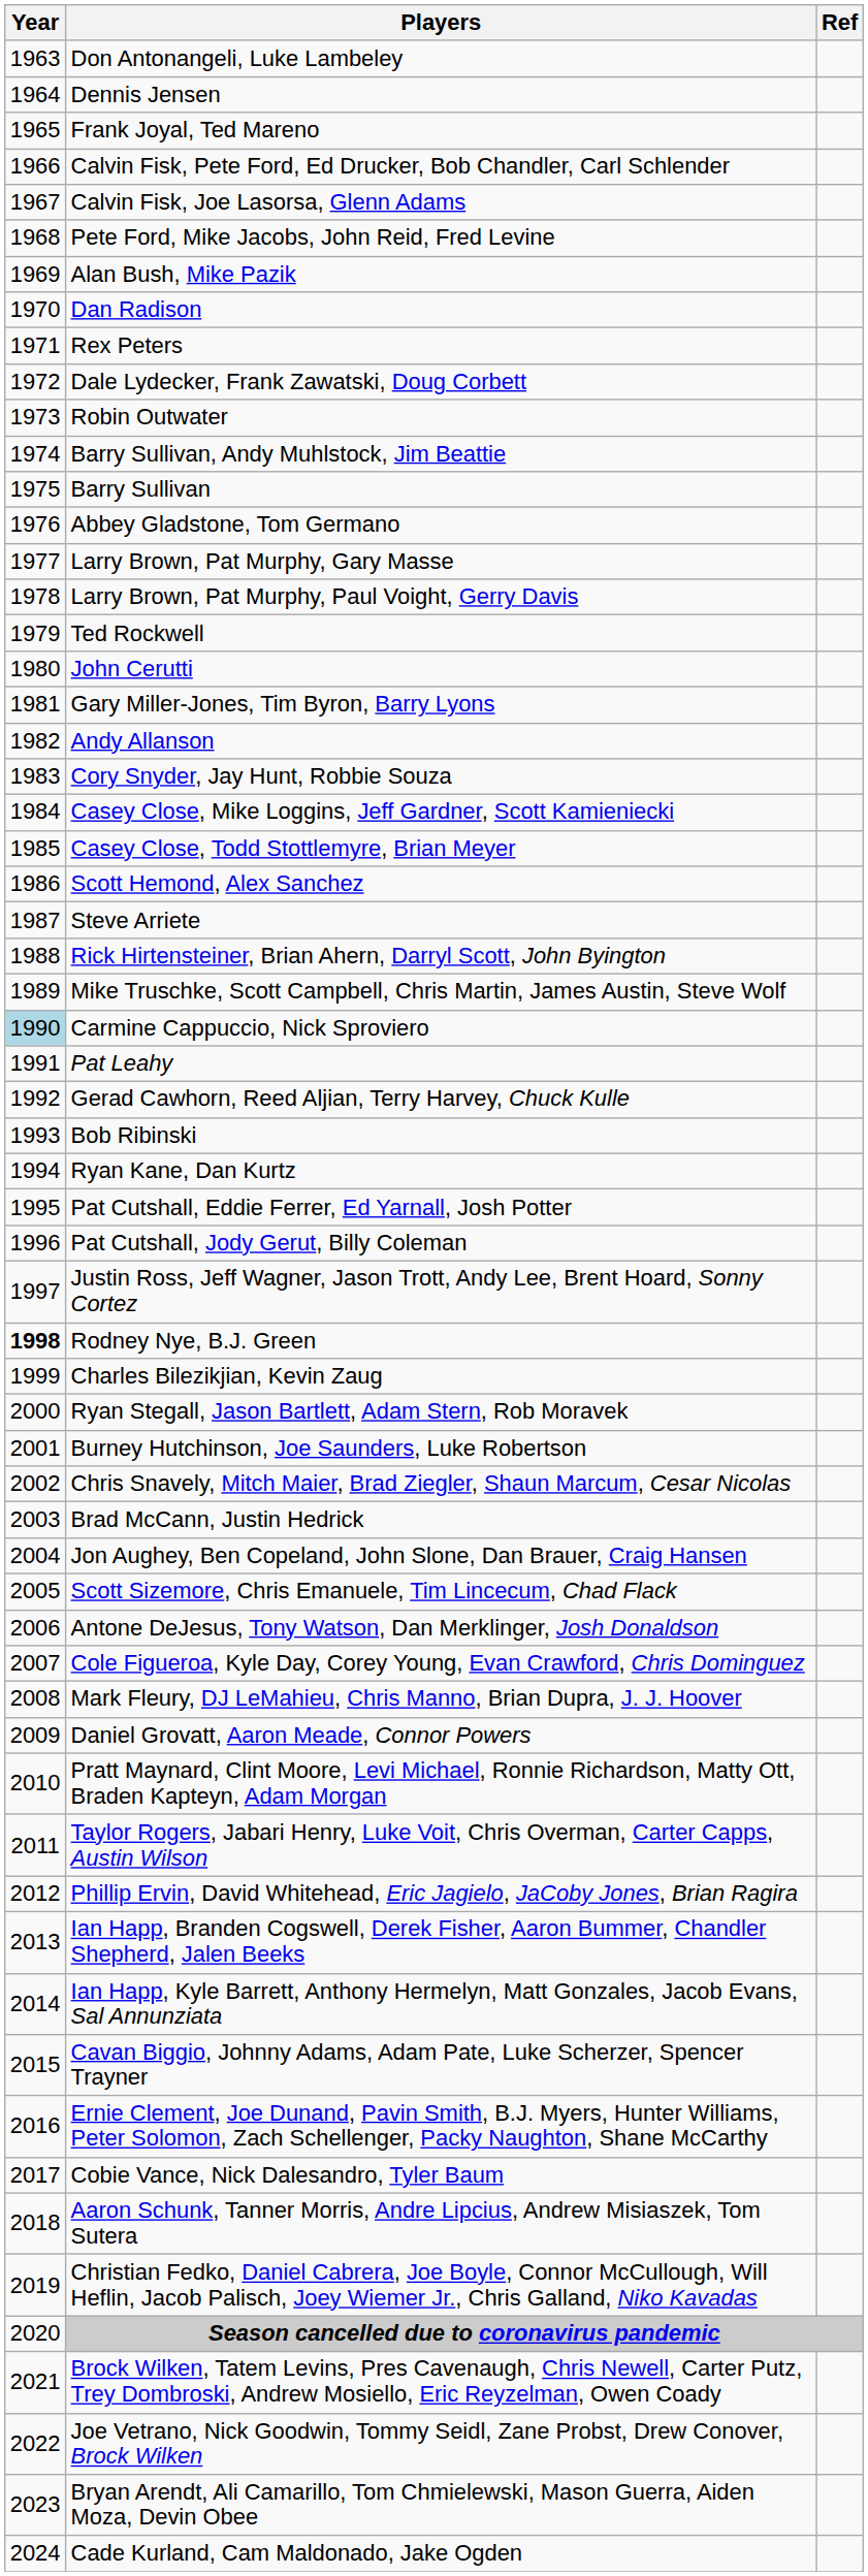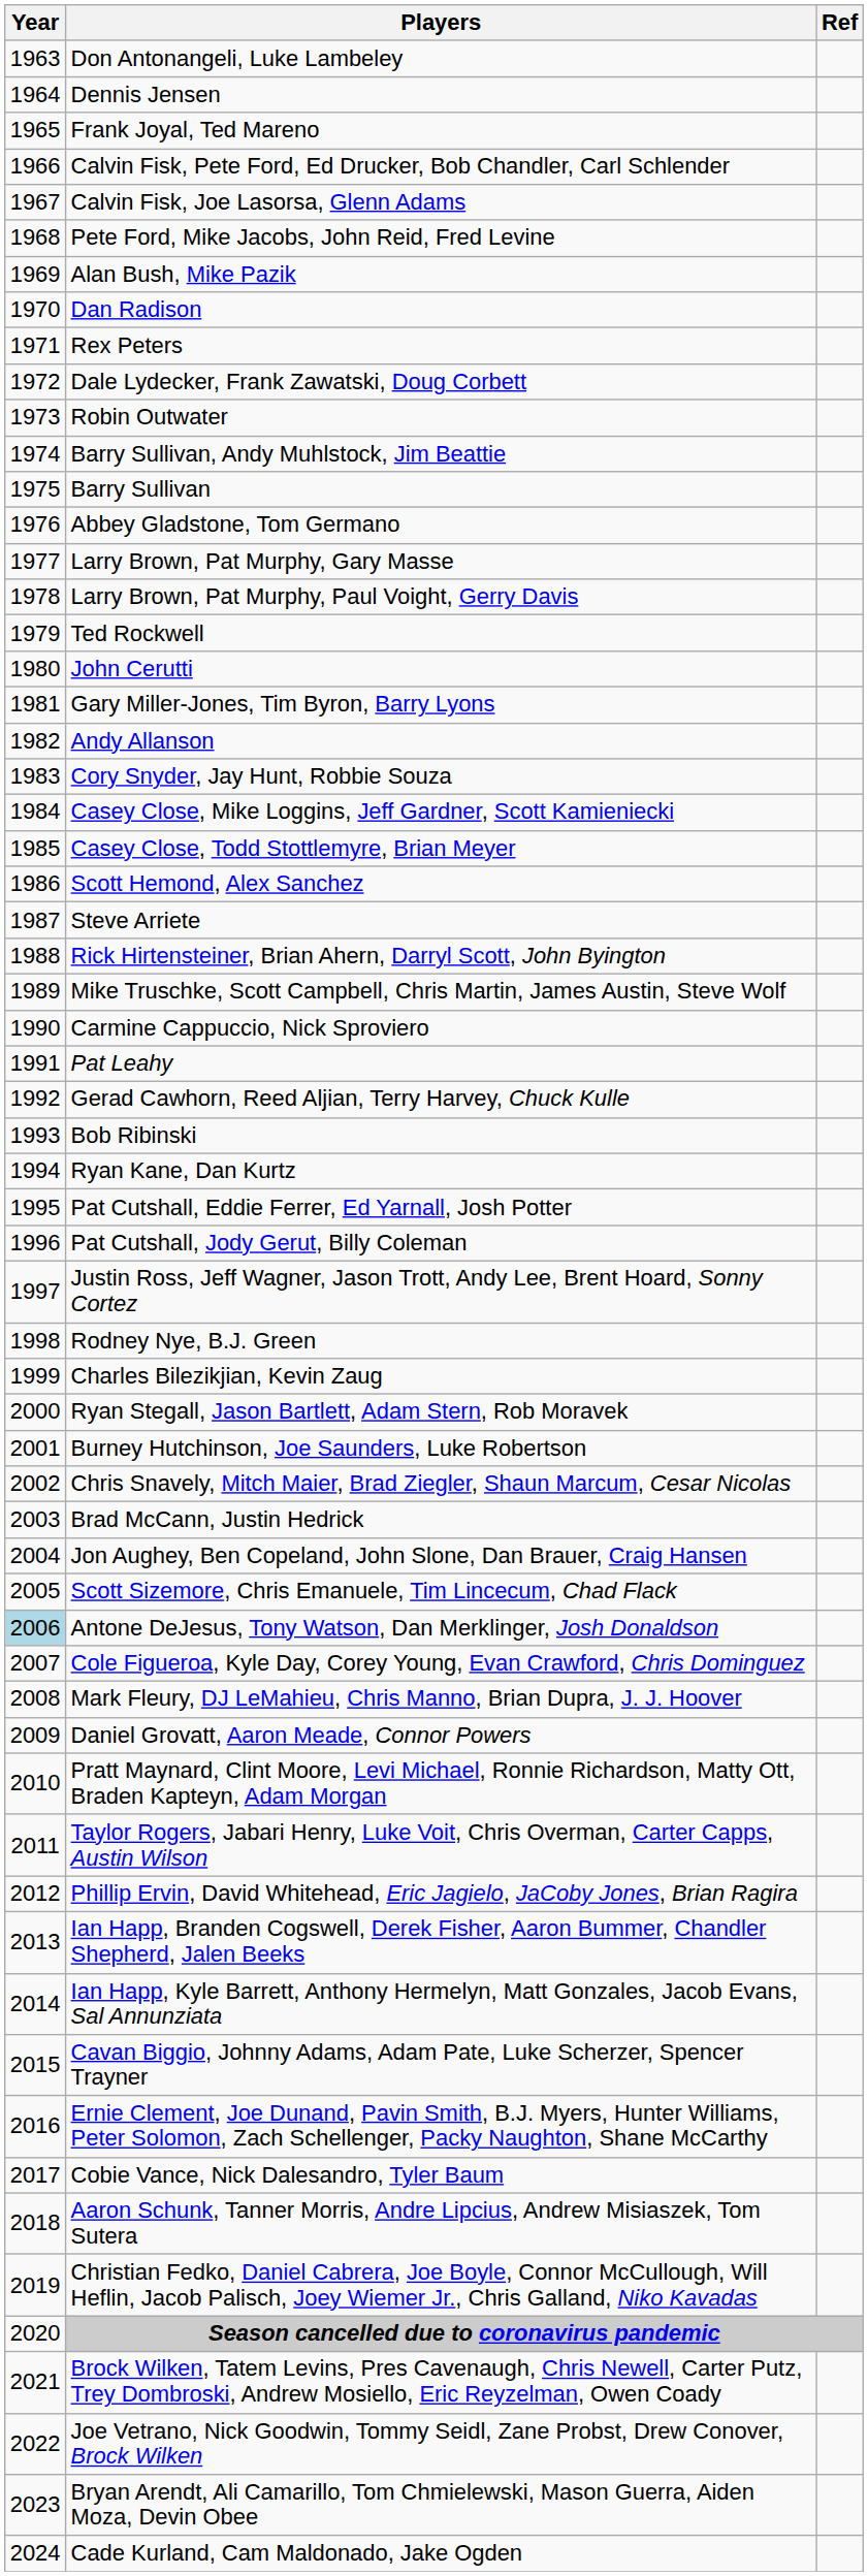 <table class="wikitable" style="text-align:center">
 <tr>
 <th scope="col">Year</th>
 <th scope="col">Players</th>
 <th scope="col">Ref</th>
 </tr>
 <tr>
 <td>1963</td>
 <td style="text-align:left">Don Antonangeli, Luke Lambeley</td>
 <td></td>
 </tr>
 <tr>
 <td>1964</td>
 <td style="text-align:left">Dennis Jensen</td>
 <td></td>
 </tr>
 <tr>
 <td>1965</td>
 <td style="text-align:left">Frank Joyal, Ted Mareno</td>
 <td></td>
 </tr>
 <tr>
 <td>1966</td>
 <td style="text-align:left">Calvin Fisk, Pete Ford, Ed Drucker, Bob Chandler, Carl Schlender</td>
 <td></td>
 </tr>
 <tr>
 <td>1967</td>
 <td style="text-align:left">Calvin Fisk, Joe Lasorsa, <a href='#'>Glenn Adams</a></td>
 <td></td>
 </tr>
 <tr>
 <td>1968</td>
 <td style="text-align:left">Pete Ford, Mike Jacobs, John Reid, Fred Levine</td>
 <td></td>
 </tr>
 <tr>
 <td>1969</td>
 <td style="text-align:left">Alan Bush, <a href='#'>Mike Pazik</a></td>
 <td></td>
 </tr>
 <tr>
 <td>1970</td>
 <td style="text-align:left"><a href='#'>Dan Radison</a></td>
 <td></td>
 </tr>
 <tr>
 <td>1971</td>
 <td style="text-align:left">Rex Peters</td>
 <td></td>
 </tr>
 <tr>
 <td>1972</td>
 <td style="text-align:left">Dale Lydecker, Frank Zawatski, <a href='#'>Doug Corbett</a></td>
 <td></td>
 </tr>
 <tr>
 <td>1973</td>
 <td style="text-align:left">Robin Outwater</td>
 <td></td>
 </tr>
 <tr>
 <td>1974</td>
 <td style="text-align:left">Barry Sullivan, Andy Muhlstock, <a href='#'>Jim Beattie</a></td>
 <td></td>
 </tr>
 <tr>
 <td>1975</td>
 <td style="text-align:left">Barry Sullivan</td>
 <td></td>
 </tr>
 <tr>
 <td>1976</td>
 <td style="text-align:left">Abbey Gladstone, Tom Germano</td>
 <td></td>
 </tr>
 <tr>
 <td>1977</td>
 <td style="text-align:left">Larry Brown, Pat Murphy, Gary Masse</td>
 <td></td>
 </tr>
 <tr>
 <td>1978</td>
 <td style="text-align:left">Larry Brown, Pat Murphy, Paul Voight, <a href='#'>Gerry Davis</a></td>
 <td></td>
 </tr>
 <tr>
 <td>1979</td>
 <td style="text-align:left">Ted Rockwell</td>
 <td></td>
 </tr>
 <tr>
 <td>1980</td>
 <td style="text-align:left"><a href='#'>John Cerutti</a></td>
 <td></td>
 </tr>
 <tr>
 <td>1981</td>
 <td style="text-align:left">Gary Miller-Jones, Tim Byron, <a href='#'>Barry Lyons</a></td>
 <td></td>
 </tr>
 <tr>
 <td>1982</td>
 <td style="text-align:left"><a href='#'>Andy Allanson</a></td>
 <td></td>
 </tr>
 <tr>
 <td>1983</td>
 <td style="text-align:left"><a href='#'>Cory Snyder</a>, Jay Hunt, Robbie Souza</td>
 <td></td>
 </tr>
 <tr>
 <td>1984</td>
 <td style="text-align:left"><a href='#'>Casey Close</a>, Mike Loggins, <a href='#'>Jeff Gardner</a>, <a href='#'>Scott Kamieniecki</a></td>
 <td></td>
 </tr>
 <tr>
 <td>1985</td>
 <td style="text-align:left"><a href='#'>Casey Close</a>, <a href='#'>Todd Stottlemyre</a>, <a href='#'>Brian Meyer</a></td>
 <td></td>
 </tr>
 <tr>
 <td>1986</td>
 <td style="text-align:left"><a href='#'>Scott Hemond</a>, <a href='#'>Alex Sanchez</a></td>
 <td></td>
 </tr>
 <tr>
 <td>1987</td>
 <td style="text-align:left">Steve Arriete</td>
 <td></td>
 </tr>
 <tr>
 <td>1988</td>
 <td style="text-align:left"><a href='#'>Rick Hirtensteiner</a>, Brian Ahern, <a href='#'>Darryl Scott</a>, <em>John Byington</em></td>
 <td></td>
 </tr>
 <tr>
 <td>1989</td>
 <td style="text-align:left">Mike Truschke, Scott Campbell, Chris Martin, James Austin, Steve Wolf</td>
 <td></td>
 </tr>
 <tr>
-<td style="background: lightblue;">1990</td>
+<td>1990</td>
 <td style="text-align:left">Carmine Cappuccio, Nick Sproviero</td>
 <td></td>
 </tr>
 <tr>
 <td>1991</td>
 <td style="text-align:left"><em>Pat Leahy</em></td>
 <td></td>
 </tr>
 <tr>
 <td>1992</td>
 <td style="text-align:left">Gerad Cawhorn, Reed Aljian, Terry Harvey, <em>Chuck Kulle</em></td>
 <td></td>
 </tr>
 <tr>
 <td>1993</td>
 <td style="text-align:left">Bob Ribinski</td>
 <td></td>
 </tr>
 <tr>
 <td>1994</td>
 <td style="text-align:left">Ryan Kane, Dan Kurtz</td>
 <td></td>
 </tr>
 <tr>
 <td>1995</td>
 <td style="text-align:left">Pat Cutshall, Eddie Ferrer, <a href='#'>Ed Yarnall</a>, Josh Potter</td>
 <td></td>
 </tr>
 <tr>
 <td>1996</td>
 <td style="text-align:left">Pat Cutshall, <a href='#'>Jody Gerut</a>, Billy Coleman</td>
 <td></td>
 </tr>
 <tr>
 <td>1997</td>
 <td style="text-align:left">Justin Ross, Jeff Wagner, Jason Trott, Andy Lee, Brent Hoard, <em>Sonny Cortez</em></td>
 <td></td>
 </tr>
 <tr>
-<td><strong>1998</strong></td>
+<td>1998</td>
 <td style="text-align:left">Rodney Nye, B.J. Green</td>
 <td></td>
 </tr>
 <tr>
 <td>1999</td>
 <td style="text-align:left">Charles Bilezikjian, Kevin Zaug</td>
 <td></td>
 </tr>
 <tr>
 <td>2000</td>
 <td style="text-align:left">Ryan Stegall, <a href='#'>Jason Bartlett</a>, <a href='#'>Adam Stern</a>, Rob Moravek</td>
 <td></td>
 </tr>
 <tr>
 <td>2001</td>
 <td style="text-align:left">Burney Hutchinson, <a href='#'>Joe Saunders</a>, Luke Robertson</td>
 <td></td>
 </tr>
 <tr>
 <td>2002</td>
 <td style="text-align:left">Chris Snavely, <a href='#'>Mitch Maier</a>, <a href='#'>Brad Ziegler</a>, <a href='#'>Shaun Marcum</a>, <em>Cesar Nicolas</em></td>
 <td></td>
 </tr>
 <tr>
 <td>2003</td>
 <td style="text-align:left">Brad McCann, Justin Hedrick</td>
 <td></td>
 </tr>
 <tr>
 <td>2004</td>
 <td style="text-align:left">Jon Aughey, Ben Copeland, John Slone, Dan Brauer, <a href='#'>Craig Hansen</a></td>
 <td></td>
 </tr>
 <tr>
 <td>2005</td>
 <td style="text-align:left"><a href='#'>Scott Sizemore</a>, Chris Emanuele, <a href='#'>Tim Lincecum</a>, <em>Chad Flack</em></td>
 <td></td>
 </tr>
 <tr>
-<td>2006</td>
+<td style="background: lightblue;">2006</td>
 <td style="text-align:left">Antone DeJesus, <a href='#'>Tony Watson</a>, Dan Merklinger, <em><a href='#'>Josh Donaldson</a></em></td>
 <td></td>
 </tr>
 <tr>
 <td>2007</td>
 <td style="text-align:left"><a href='#'>Cole Figueroa</a>, Kyle Day, Corey Young, <a href='#'>Evan Crawford</a>, <em><a href='#'>Chris Dominguez</a></em></td>
 <td></td>
 </tr>
 <tr>
 <td>2008</td>
 <td style="text-align:left">Mark Fleury, <a href='#'>DJ LeMahieu</a>, <a href='#'>Chris Manno</a>, Brian Dupra, <a href='#'>J. J. Hoover</a></td>
 <td></td>
 </tr>
 <tr>
 <td>2009</td>
 <td style="text-align:left">Daniel Grovatt, <a href='#'>Aaron Meade</a>, <em>Connor Powers</em></td>
 <td></td>
 </tr>
 <tr>
 <td>2010</td>
 <td style="text-align:left">Pratt Maynard, Clint Moore, <a href='#'>Levi Michael</a>, Ronnie Richardson, Matty Ott, Braden Kapteyn, <a href='#'>Adam Morgan</a></td>
 <td></td>
 </tr>
 <tr>
 <td>2011</td>
 <td style="text-align:left"><a href='#'>Taylor Rogers</a>, Jabari Henry, <a href='#'>Luke Voit</a>, Chris Overman, <a href='#'>Carter Capps</a>, <em><a href='#'>Austin Wilson</a></em></td>
 <td></td>
 </tr>
 <tr>
 <td>2012</td>
 <td style="text-align:left"><a href='#'>Phillip Ervin</a>, David Whitehead, <em><a href='#'>Eric Jagielo</a></em>, <em><a href='#'>JaCoby Jones</a></em>, <em>Brian Ragira</em></td>
 <td></td>
 </tr>
 <tr>
 <td>2013</td>
 <td style="text-align:left"><a href='#'>Ian Happ</a>, Branden Cogswell, <a href='#'>Derek Fisher</a>, <a href='#'>Aaron Bummer</a>, <a href='#'>Chandler Shepherd</a>, <a href='#'>Jalen Beeks</a></td>
 <td></td>
 </tr>
 <tr>
 <td>2014</td>
 <td style="text-align:left"><a href='#'>Ian Happ</a>, Kyle Barrett, Anthony Hermelyn, Matt Gonzales, Jacob Evans, <em>Sal Annunziata</em></td>
 <td></td>
 </tr>
 <tr>
 <td>2015</td>
 <td style="text-align:left"><a href='#'>Cavan Biggio</a>, Johnny Adams, Adam Pate, Luke Scherzer, Spencer Trayner</td>
 <td></td>
 </tr>
 <tr>
 <td>2016</td>
 <td style="text-align:left"><a href='#'>Ernie Clement</a>, <a href='#'>Joe Dunand</a>, <a href='#'>Pavin Smith</a>, B.J. Myers, Hunter Williams, <a href='#'>Peter Solomon</a>, Zach Schellenger, <a href='#'>Packy Naughton</a>, Shane McCarthy</td>
 <td></td>
 </tr>
 <tr>
 <td>2017</td>
 <td style="text-align:left">Cobie Vance, Nick Dalesandro, <a href='#'>Tyler Baum</a></td>
 <td></td>
 </tr>
 <tr>
 <td>2018</td>
 <td style="text-align:left"><a href='#'>Aaron Schunk</a>, Tanner Morris, <a href='#'>Andre Lipcius</a>, Andrew Misiaszek, Tom Sutera</td>
 <td></td>
 </tr>
 <tr>
 <td>2019</td>
 <td style="text-align:left">Christian Fedko, <a href='#'>Daniel Cabrera</a>, <a href='#'>Joe Boyle</a>, Connor McCullough, Will Heflin, Jacob Palisch, <a href='#'>Joey Wiemer Jr.</a>, Chris Galland, <em><a href='#'>Niko Kavadas</a></em></td>
 <td></td>
 </tr>
 <tr>
 <td>2020</td>
 <td colspan="2" align="center" bgcolor=#cccccc><strong><em>Season cancelled due to <a href='#'>coronavirus pandemic</a></em></strong></td>
 </tr>
 <tr>
 <td>2021</td>
 <td style="text-align:left"><a href='#'>Brock Wilken</a>, Tatem Levins, Pres Cavenaugh, <a href='#'>Chris Newell</a>, Carter Putz, <a href='#'>Trey Dombroski</a>, Andrew Mosiello, <a href='#'>Eric Reyzelman</a>, Owen Coady</td>
 <td></td>
 </tr>
 <tr>
 <td>2022</td>
 <td style="text-align:left">Joe Vetrano, Nick Goodwin, Tommy Seidl, Zane Probst, Drew Conover, <em><a href='#'>Brock Wilken</a></em></td>
 <td></td>
 </tr>
 <tr>
 <td>2023</td>
 <td style="text-align:left">Bryan Arendt, Ali Camarillo, Tom Chmielewski, Mason Guerra, Aiden Moza, Devin Obee</td>
 <td></td>
 </tr>
 <tr>
 <td>2024</td>
 <td style="text-align:left">Cade Kurland, Cam Maldonado, Jake Ogden</td>
 <td></td>
 </tr>
 <tr>
 </tr>
 </table>
